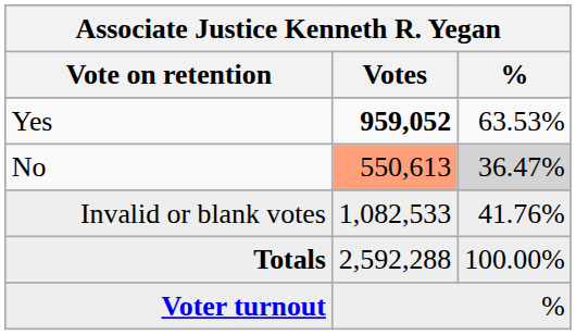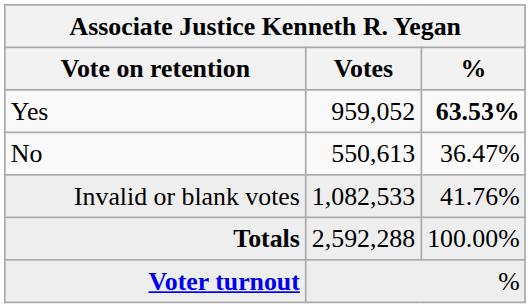 <table class="wikitable" style="font-size: 95%;">
 <tr style="background-color:#E9E9E9">
 <th colspan=7>Associate Justice Kenneth R. Yegan</th>
 </tr>
 <tr style="background-color:#E9E9E9">
 <th style="width: 170px">Vote on retention</th>
 <th style="width: 50px">Votes</th>
 <th style="width: 40px">%</th>
 </tr>
 <tr>
 <td>Yes</td>
-<td align="right"><strong>959,052</strong></td>
-<td align="right">63.53%</td>
+<td align="right">959,052</td>
+<td align="right"><strong>63.53%</strong></td>
 </tr>
 <tr>
 <td>No</td>
-<td align="right" style="background: lightsalmon;">550,613</td>
-<td align="right" style="background: lightgrey;">36.47%</td>
+<td align="right">550,613</td>
+<td align="right">36.47%</td>
 </tr>
 <tr style="background-color:#EEEEEE">
 <td align="right">Invalid or blank votes</td>
 <td align="right">1,082,533</td>
 <td align="right">41.76%</td>
 </tr>
 <tr style="background-color:#EEEEEE">
 <td colspan="1" align="right"><strong>Totals</strong></td>
 <td align="right">2,592,288</td>
 <td align="right">100.00%</td>
 </tr>
 <tr style="background-color:#EEEEEE">
 <td align="right"><strong><a href='#'>Voter turnout</a></strong></td>
 <td colspan="2" align="right">%</td>
 </tr>
 </table>
